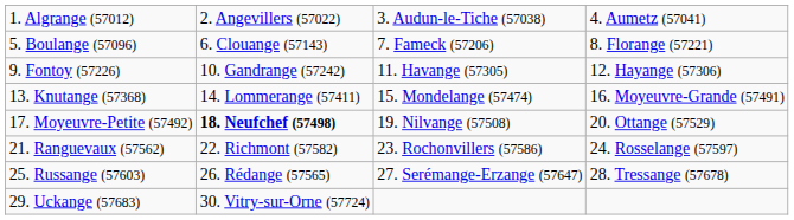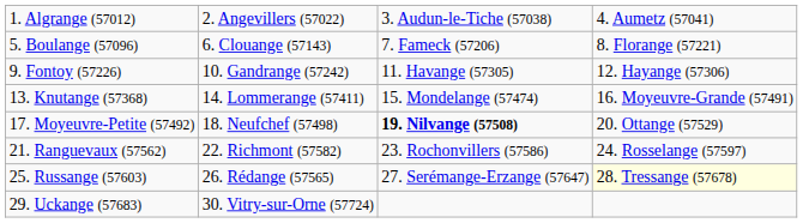 <table class="wikitable">
 <tr>
 <td>1. <a href='#'>Algrange</a> <small>(57012)</small></td>
 <td>2. <a href='#'>Angevillers</a> <small>(57022)</small></td>
 <td>3. <a href='#'>Audun-le-Tiche</a> <small>(57038)</small></td>
 <td>4. <a href='#'>Aumetz</a> <small>(57041)</small></td>
 </tr>
 <tr>
 <td>5. <a href='#'>Boulange</a> <small>(57096)</small></td>
 <td>6. <a href='#'>Clouange</a> <small>(57143)</small></td>
 <td>7. <a href='#'>Fameck</a> <small>(57206)</small></td>
 <td>8. <a href='#'>Florange</a> <small>(57221)</small></td>
 </tr>
 <tr>
 <td>9. <a href='#'>Fontoy</a> <small>(57226)</small></td>
 <td>10. <a href='#'>Gandrange</a> <small>(57242)</small></td>
 <td>11. <a href='#'>Havange</a> <small>(57305)</small></td>
 <td>12. <a href='#'>Hayange</a> <small>(57306)</small></td>
 </tr>
 <tr>
 <td>13. <a href='#'>Knutange</a> <small>(57368)</small></td>
 <td>14. <a href='#'>Lommerange</a> <small>(57411)</small></td>
 <td>15. <a href='#'>Mondelange</a> <small>(57474)</small></td>
 <td>16. <a href='#'>Moyeuvre-Grande</a> <small>(57491)</small></td>
 </tr>
 <tr>
 <td>17. <a href='#'>Moyeuvre-Petite</a> <small>(57492)</small></td>
-<td><strong>18. <a href='#'>Neufchef</a> <small>(57498)</small></strong></td>
-<td>19. <a href='#'>Nilvange</a> <small>(57508)</small></td>
+<td>18. <a href='#'>Neufchef</a> <small>(57498)</small></td>
+<td><strong>19. <a href='#'>Nilvange</a> <small>(57508)</small></strong></td>
 <td>20. <a href='#'>Ottange</a> <small>(57529)</small></td>
 </tr>
 <tr>
 <td>21. <a href='#'>Ranguevaux</a> <small>(57562)</small></td>
 <td>22. <a href='#'>Richmont</a> <small>(57582)</small></td>
 <td>23. <a href='#'>Rochonvillers</a> <small>(57586)</small></td>
 <td>24. <a href='#'>Rosselange</a> <small>(57597)</small></td>
 </tr>
 <tr>
 <td>25. <a href='#'>Russange</a> <small>(57603)</small></td>
 <td>26. <a href='#'>Rédange</a> <small>(57565)</small></td>
 <td>27. <a href='#'>Serémange-Erzange</a> <small>(57647)</small></td>
-<td>28. <a href='#'>Tressange</a> <small>(57678)</small></td>
+<td style="background: lightyellow;">28. <a href='#'>Tressange</a> <small>(57678)</small></td>
 </tr>
 <tr>
 <td>29. <a href='#'>Uckange</a> <small>(57683)</small></td>
 <td>30. <a href='#'>Vitry-sur-Orne</a> <small>(57724)</small></td>
 <td></td>
 <td></td>
 </tr>
 </table>
